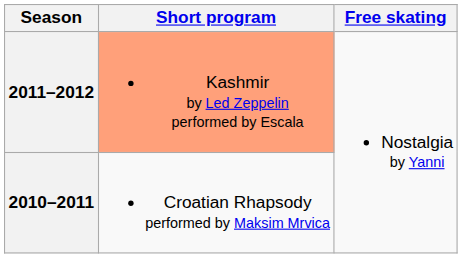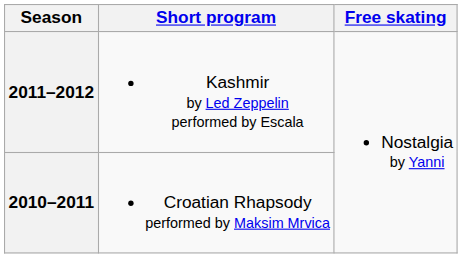 <table class="wikitable" style="text-align:center">
 <tr>
 <th>Season</th>
 <th><a href='#'>Short program</a></th>
 <th><a href='#'>Free skating</a></th>
 </tr>
 <tr>
 <th>2011–2012 <br> </th>
-<td style="background: lightsalmon;"><br><ul><li>Kashmir <br><small> by <a href='#'>Led Zeppelin</a> <br> performed by Escala </small></li></ul></td>
+<td><br><ul><li>Kashmir <br><small> by <a href='#'>Led Zeppelin</a> <br> performed by Escala </small></li></ul></td>
 <td rowspan=2><br><ul><li>Nostalgia <br><small> by <a href='#'>Yanni</a> </small></li></ul></td>
 </tr>
 <tr>
 <th>2010–2011 <br> </th>
 <td><br><ul><li>Croatian Rhapsody <br><small> performed by <a href='#'>Maksim Mrvica</a> </small></li></ul></td>
 </tr>
 </table>
